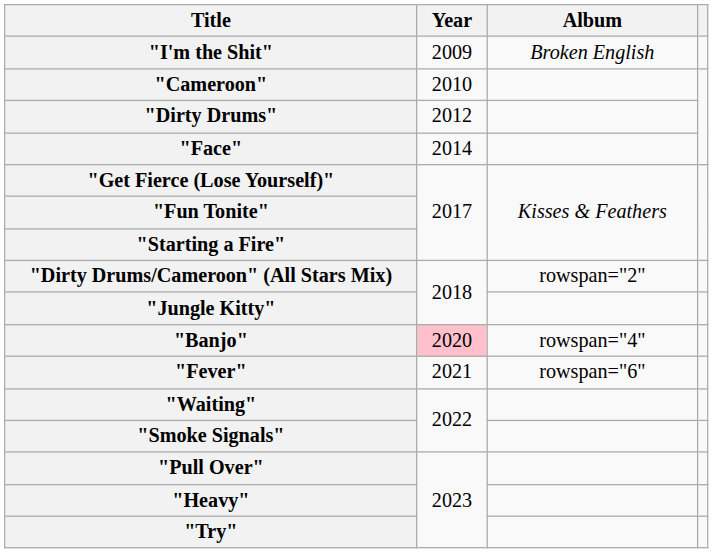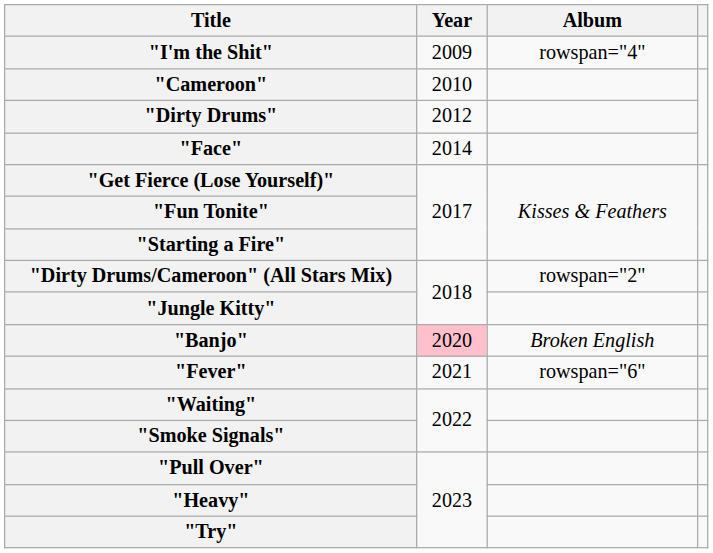 <table class="wikitable plainrowheaders" style="text-align:center;">
 <tr>
 <th rowspan="1" style="width:20em;">Title</th>
 <th rowspan="1" style="width:3em;">Year</th>
 <th rowspan="1" style="width:10em;">Album</th>
 <th rowspan="1"  style="text-align: center;" class="unsortable"></th>
 </tr>
 <tr>
 <th scope="row">"I'm the Shit"</th>
 <td>2009</td>
-<td><em>Broken English</em></td>
+<td>rowspan="4" </td>
 <td></td>
 </tr>
 <tr>
 <th scope="row">"Cameroon"</th>
 <td>2010</td>
 <td></td>
 </tr>
 <tr>
 <th scope="row">"Dirty Drums"</th>
 <td>2012</td>
 <td></td>
 </tr>
 <tr>
 <th scope="row">"Face"</th>
 <td>2014</td>
 <td></td>
 </tr>
 <tr>
 <th scope="row">"Get Fierce (Lose Yourself)"</th>
 <td rowspan="3">2017</td>
 <td rowspan="3"><em>Kisses & Feathers</em></td>
 <td rowspan="3"></td>
 </tr>
 <tr>
 <th scope="row">"Fun Tonite"</th>
 </tr>
 <tr>
 <th scope="row">"Starting a Fire"</th>
 </tr>
 <tr>
 <th scope="row">"Dirty Drums/Cameroon" (All Stars Mix)</th>
 <td rowspan="2">2018</td>
 <td>rowspan="2" </td>
 <td></td>
 </tr>
 <tr>
 <th scope="row">"Jungle Kitty"</th>
 <td></td>
 </tr>
 <tr>
 <th scope="row">"Banjo"</th>
 <td style="background: pink;">2020</td>
-<td>rowspan="4" </td>
+<td><em>Broken English</em></td>
 <td></td>
 </tr>
 <tr>
 <th scope="row">"Fever"</th>
 <td rowspan="1">2021</td>
 <td>rowspan="6" </td>
 <td></td>
 </tr>
 <tr>
 <th scope="row">"Waiting"</th>
 <td rowspan="2">2022</td>
 <td></td>
 </tr>
 <tr>
 <th scope="row">"Smoke Signals"</th>
 <td></td>
 <td></td>
 </tr>
 <tr>
 <th scope="row">"Pull Over"</th>
 <td rowspan="3">2023</td>
 <td></td>
 </tr>
 <tr>
 <th scope="row">"Heavy"</th>
 <td></td>
 <td></td>
 </tr>
 <tr>
 <th scope="row">"Try"</th>
 <td></td>
 <td></td>
 </tr>
 </table>
